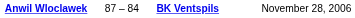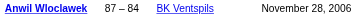 <table style="text-align:center">
 <tr>
 <th width=160></th>
 <th width=100></th>
 <th width=160></th>
 <th width=200></th>
 </tr>
 <tr>
 <td align=right><strong><a href='#'>Anwil Wloclawek</a></strong> </td>
 <td>87 – 84</td>
-<td align=left><strong> <a href='#'>BK Ventspils</a></strong></td>
+<td align=left> <a href='#'>BK Ventspils</a></td>
 <td align=left>November 28, 2006</td>
 </tr>
 </table>
